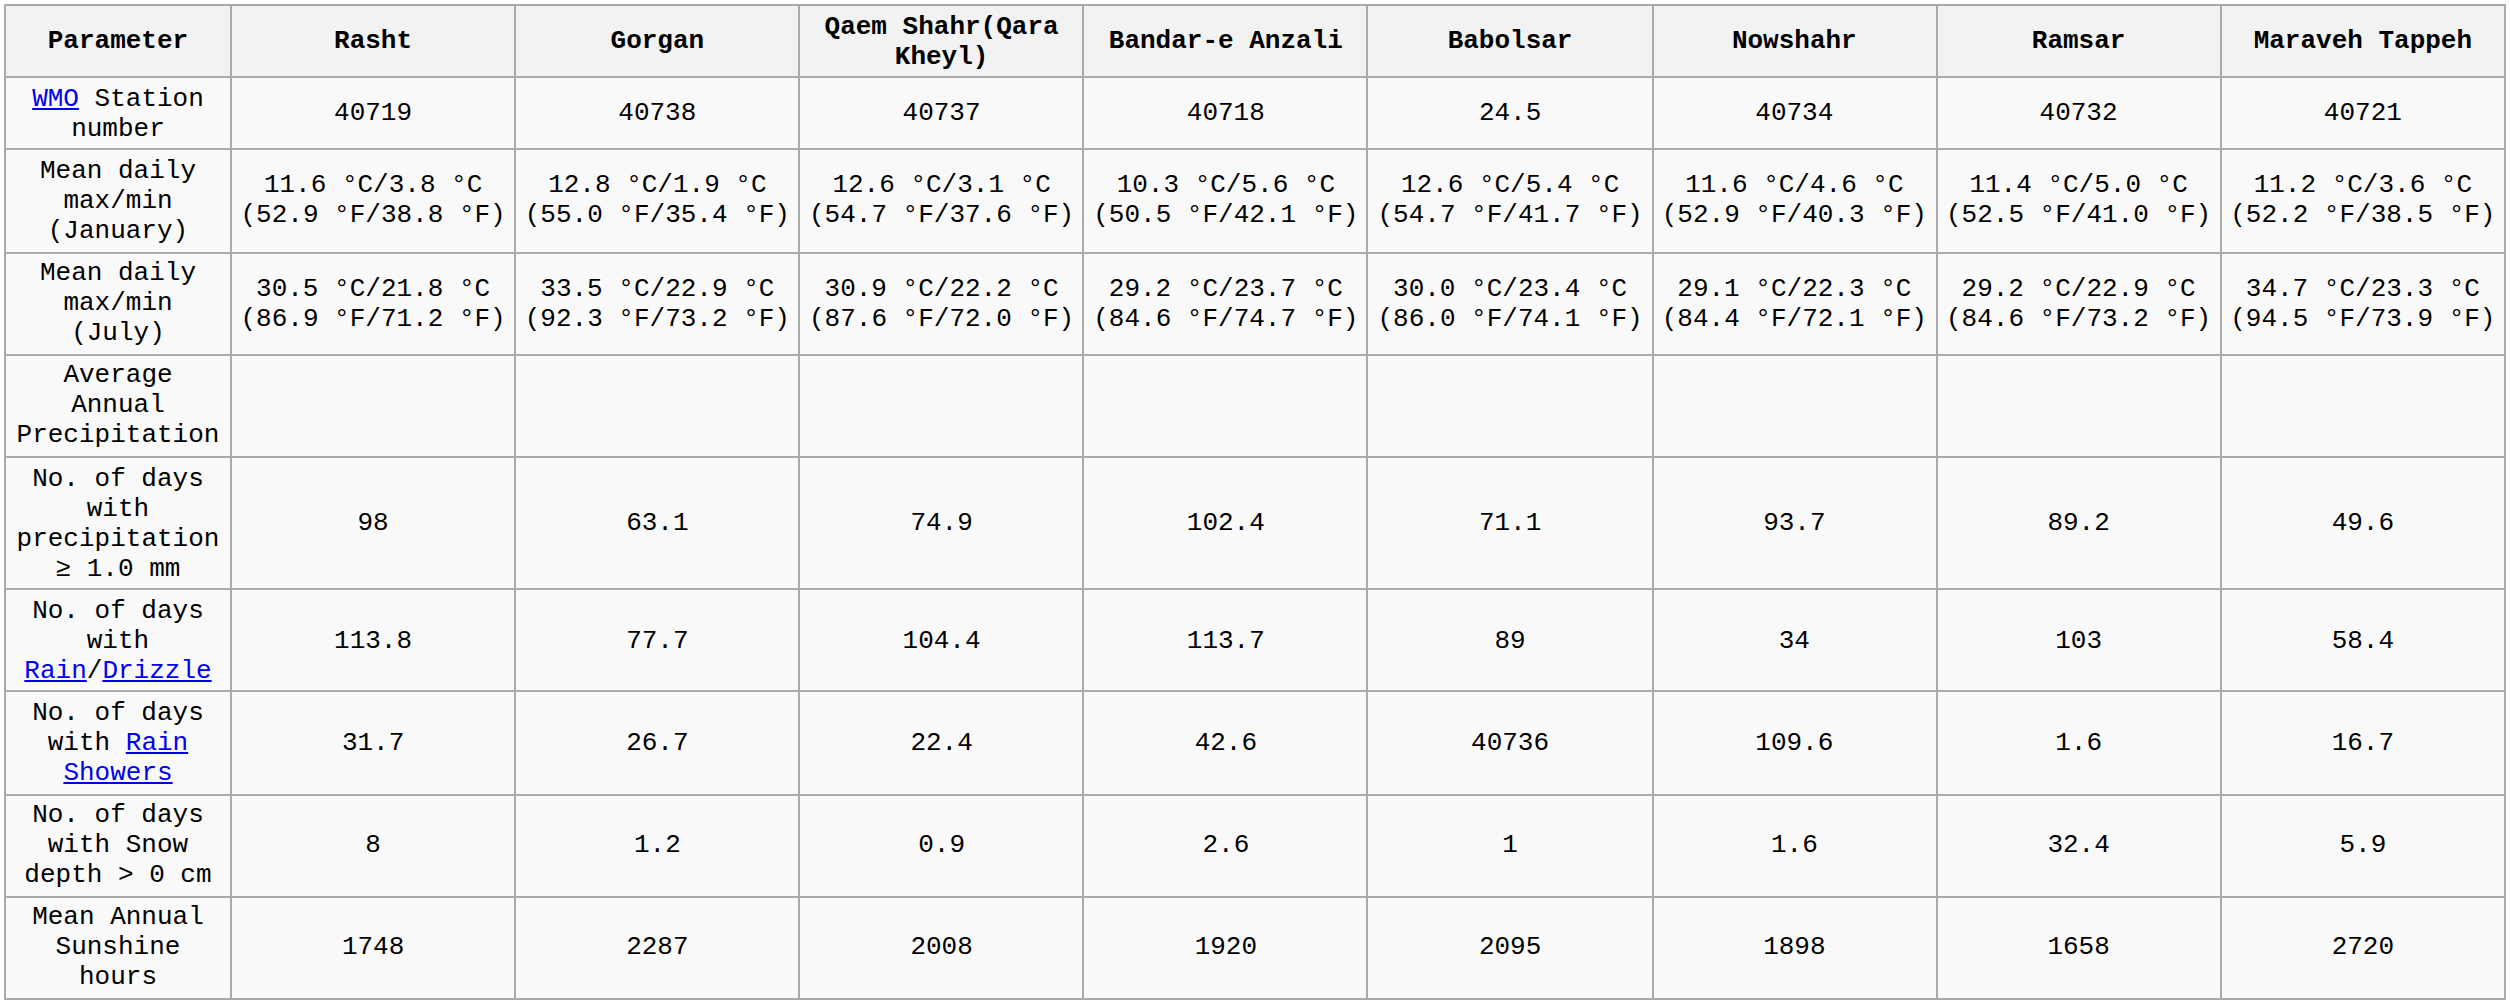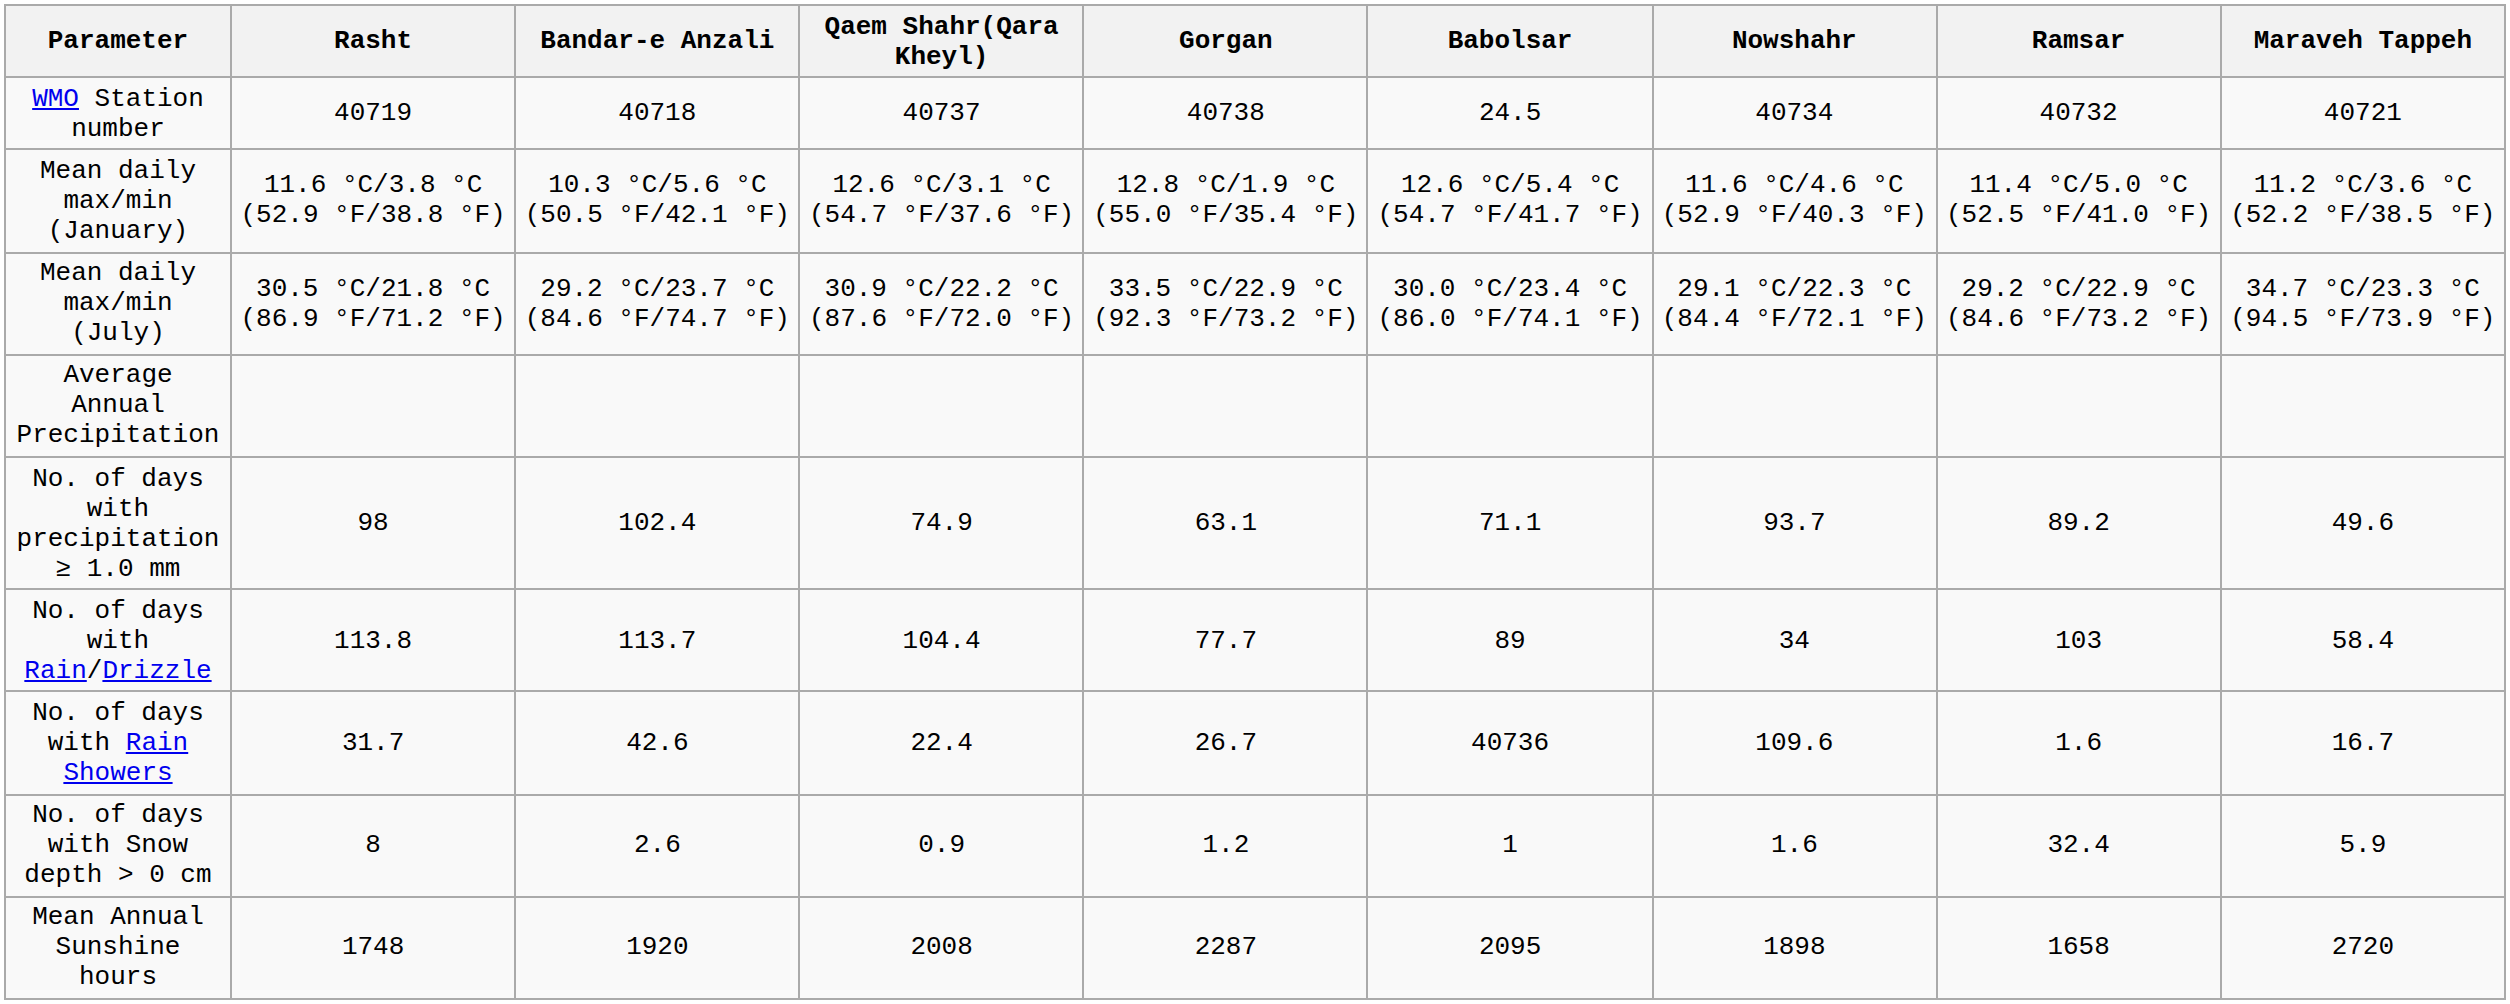 <table class="wikitable plainrowheaders sortable" style="text-align:center;">
 <tr style="vertical-align:middle;">
 <th>Parameter</th>
 <th>Rasht</th>
+<th>Bandar-e Anzali</th>
+<th>Qaem Shahr(Qara Kheyl)</th>
 <th>Gorgan</th>
-<th>Qaem Shahr(Qara Kheyl)</th>
-<th>Bandar-e Anzali</th>
 <th>Babolsar</th>
 <th>Nowshahr</th>
 <th>Ramsar</th>
 <th>Maraveh Tappeh</th>
 </tr>
 <tr>
 <td><a href='#'>WMO</a> Station number</td>
 <td>40719</td>
+<td>40718</td>
+<td>40737</td>
 <td>40738</td>
-<td>40737</td>
-<td>40718</td>
 <td>24.5</td>
 <td>40734</td>
 <td>40732</td>
 <td>40721</td>
 </tr>
 <tr>
 <td>Mean daily max/min (January)</td>
 <td>11.6 °C/3.8 °C (52.9 °F/38.8 °F)</td>
+<td>10.3 °C/5.6 °C (50.5 °F/42.1 °F)</td>
+<td>12.6 °C/3.1 °C (54.7 °F/37.6 °F)</td>
 <td>12.8 °C/1.9 °C (55.0 °F/35.4 °F)</td>
-<td>12.6 °C/3.1 °C (54.7 °F/37.6 °F)</td>
-<td>10.3 °C/5.6 °C (50.5 °F/42.1 °F)</td>
 <td>12.6 °C/5.4 °C (54.7 °F/41.7 °F)</td>
 <td>11.6 °C/4.6 °C (52.9 °F/40.3 °F)</td>
 <td>11.4 °C/5.0 °C (52.5 °F/41.0 °F)</td>
 <td>11.2 °C/3.6 °C (52.2 °F/38.5 °F)</td>
 </tr>
 <tr>
 <td>Mean daily max/min (July)</td>
 <td>30.5 °C/21.8 °C (86.9 °F/71.2 °F)</td>
+<td>29.2 °C/23.7 °C (84.6 °F/74.7 °F)</td>
+<td>30.9 °C/22.2 °C (87.6 °F/72.0 °F)</td>
 <td>33.5 °C/22.9 °C (92.3 °F/73.2 °F)</td>
-<td>30.9 °C/22.2 °C (87.6 °F/72.0 °F)</td>
-<td>29.2 °C/23.7 °C (84.6 °F/74.7 °F)</td>
 <td>30.0 °C/23.4 °C (86.0 °F/74.1 °F)</td>
 <td>29.1 °C/22.3 °C (84.4 °F/72.1 °F)</td>
 <td>29.2 °C/22.9 °C (84.6 °F/73.2 °F)</td>
 <td>34.7 °C/23.3 °C (94.5 °F/73.9 °F)</td>
 </tr>
 <tr>
 <td>Average Annual Precipitation</td>
 <td></td>
 <td></td>
 <td></td>
 <td></td>
 <td></td>
 <td></td>
 <td></td>
 <td></td>
 </tr>
 <tr>
 <td>No. of days with precipitation ≥ 1.0 mm</td>
 <td>98</td>
+<td>102.4</td>
+<td>74.9</td>
 <td>63.1</td>
-<td>74.9</td>
-<td>102.4</td>
 <td>71.1</td>
 <td>93.7</td>
 <td>89.2</td>
 <td>49.6</td>
 </tr>
 <tr>
 <td>No. of days with <a href='#'>Rain</a>/<a href='#'>Drizzle</a></td>
 <td>113.8</td>
+<td>113.7</td>
+<td>104.4</td>
 <td>77.7</td>
-<td>104.4</td>
-<td>113.7</td>
 <td>89</td>
 <td>34</td>
 <td>103</td>
 <td>58.4</td>
 </tr>
 <tr>
 <td>No. of days with <a href='#'>Rain Showers</a></td>
 <td>31.7</td>
+<td>42.6</td>
+<td>22.4</td>
 <td>26.7</td>
-<td>22.4</td>
-<td>42.6</td>
 <td>40736</td>
 <td>109.6</td>
 <td>1.6</td>
 <td>16.7</td>
 </tr>
 <tr>
 <td>No. of days with Snow depth > 0 cm</td>
 <td>8</td>
+<td>2.6</td>
+<td>0.9</td>
 <td>1.2</td>
-<td>0.9</td>
-<td>2.6</td>
 <td>1</td>
 <td>1.6</td>
 <td>32.4</td>
 <td>5.9</td>
 </tr>
 <tr>
 <td>Mean Annual Sunshine hours</td>
 <td>1748</td>
+<td>1920</td>
+<td>2008</td>
 <td>2287</td>
-<td>2008</td>
-<td>1920</td>
 <td>2095</td>
 <td>1898</td>
 <td>1658</td>
 <td>2720</td>
 </tr>
 </table>
